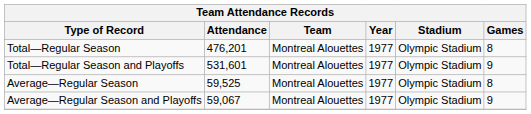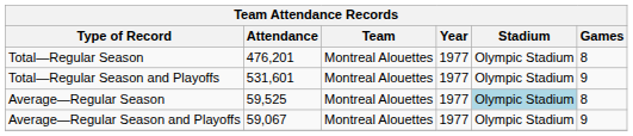 <table class="wikitable">
 <tr>
 <th align=center colspan=6>Team Attendance Records</th>
 </tr>
 <tr>
 <th>Type of Record</th>
 <th>Attendance</th>
 <th>Team</th>
 <th>Year</th>
 <th>Stadium</th>
 <th>Games</th>
 </tr>
 <tr>
 <td>Total—Regular Season</td>
 <td>476,201</td>
 <td>Montreal Alouettes</td>
 <td>1977</td>
 <td>Olympic Stadium</td>
 <td>8</td>
 </tr>
 <tr>
 <td>Total—Regular Season and Playoffs</td>
 <td>531,601</td>
 <td>Montreal Alouettes</td>
 <td>1977</td>
 <td>Olympic Stadium</td>
 <td>9</td>
 </tr>
 <tr>
 <td>Average—Regular Season</td>
 <td>59,525</td>
 <td>Montreal Alouettes</td>
 <td>1977</td>
-<td>Olympic Stadium</td>
+<td style="background: lightblue;">Olympic Stadium</td>
 <td>8</td>
 </tr>
 <tr>
 <td>Average—Regular Season and Playoffs</td>
 <td>59,067</td>
 <td>Montreal Alouettes</td>
 <td>1977</td>
 <td>Olympic Stadium</td>
 <td>9</td>
 </tr>
 <tr>
 </tr>
 </table>
